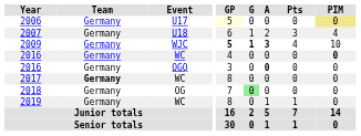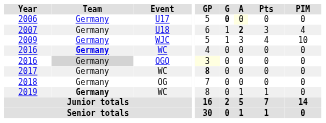 <table border="0" cellpadding="1" cellspacing="0" ID="Table3" style="text-align:center; width:40em">
 <tr ALIGN="center" bgcolor="#e0e0e0">
 <th>Year</th>
 <th>Team</th>
 <th>Event</th>
 <th rowspan="99" bgcolor="#ffffff"></th>
 <th>GP</th>
 <th>G</th>
 <th>A</th>
 <th>Pts</th>
 <th>PIM</th>
 </tr>
 <tr>
 <td><a href='#'>2006</a></td>
 <td><a href='#'>Germany</a></td>
 <td><a href='#'>U17</a></td>
-<td style="background: lightyellow;">5</td>
+<td>5</td>
+<td><strong>0</strong></td>
+<td style="background: lightyellow;">0</td>
 <td>0</td>
 <td>0</td>
-<td>0</td>
-<td style="background: khaki;">0</td>
 </tr>
 <tr bgcolor="#f0f0f0">
 <td><a href='#'>2007</a></td>
 <td>Germany</td>
 <td><a href='#'>U18</a></td>
 <td>6</td>
 <td>1</td>
-<td>2</td>
+<td><strong>2</strong></td>
 <td>3</td>
 <td>4</td>
 </tr>
 <tr>
 <td><a href='#'>2009</a></td>
 <td><a href='#'>Germany</a></td>
 <td><a href='#'>WJC</a></td>
-<td><strong>5</strong></td>
-<td><strong>1</strong></td>
-<td><strong>3</strong></td>
+<td>5</td>
+<td>1</td>
+<td>3</td>
 <td>4</td>
 <td>10</td>
 </tr>
 <tr bgcolor="#f0f0f0">
 <td><a href='#'>2016</a></td>
-<td><a href='#'>Germany</a></td>
+<td><strong><a href='#'>Germany</a></strong></td>
 <td><a href='#'>WC</a></td>
 <td>4</td>
 <td>0</td>
 <td>0</td>
 <td>0</td>
-<td><strong>0</strong></td>
+<td>0</td>
 </tr>
 <tr>
 <td><a href='#'>2016</a></td>
-<td>Germany</td>
+<td style="background: lightgrey;">Germany</td>
 <td><a href='#'>OGQ</a></td>
-<td>3</td>
+<td style="background: lightyellow;">3</td>
 <td>0</td>
-<td><strong>0</strong></td>
+<td>0</td>
 <td>0</td>
 <td>0</td>
 </tr>
 <tr bgcolor="#f0f0f0">
 <td><a href='#'>2017</a></td>
-<td><strong>Germany</strong></td>
+<td>Germany</td>
 <td>WC</td>
-<td>8</td>
+<td><strong>8</strong></td>
 <td>0</td>
 <td>0</td>
 <td>0</td>
 <td>0</td>
 </tr>
 <tr>
 <td><a href='#'>2018</a></td>
 <td>Germany</td>
 <td>OG</td>
 <td>7</td>
-<td style="background: lightgreen;">0</td>
+<td>0</td>
 <td>0</td>
 <td>0</td>
 <td>0</td>
 </tr>
 <tr bgcolor="#f0f0f0">
 <td><a href='#'>2019</a></td>
-<td>Germany</td>
+<td><strong>Germany</strong></td>
 <td>WC</td>
 <td>8</td>
 <td>0</td>
 <td>1</td>
 <td>1</td>
 <td>0</td>
 </tr>
 <tr bgcolor="#e0e0e0">
 <th colspan="3">Junior totals</th>
 <th>16</th>
 <th>2</th>
 <th>5</th>
 <th>7</th>
 <th>14</th>
 </tr>
 <tr bgcolor="#e0e0e0">
 <th colspan="3">Senior totals</th>
 <th>30</th>
 <th>0</th>
 <th>1</th>
 <th>1</th>
 <th>0</th>
 </tr>
 </table>
